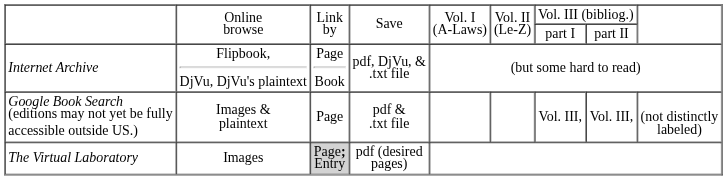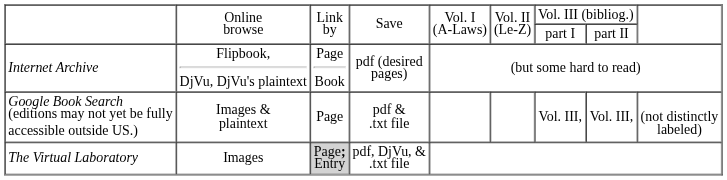 <table style="text-align: center; line-height:90%" border=1 cellspacing=0 cellpadding=3>
 <tr>
 <td align=left rowSpan=2> </td>
 <td rowSpan=2>Online<br>browse</td>
 <td rowSpan=2>Link<br>by</td>
 <td rowSpan=2>Save</td>
 <td rowSpan=2>Vol. I<br>(A-Laws)</td>
 <td rowSpan=2>Vol. II<br>(Le-Z)</td>
 <td colSpan=2>Vol. III (bibliog.)</td>
 <td rowSpan=2> </td>
 </tr>
 <tr>
 <td>part I</td>
 <td>part II</td>
 </tr>
 <tr>
 <td align=left><em>Internet Archive</em></td>
 <td>Flipbook, <hr>DjVu, DjVu's plaintext</td>
 <td>Page<hr>Book</td>
-<td>pdf, DjVu, &<br>.txt file</td>
+<td>pdf (desired<br>pages)</td>
 <td colSpan=5> (but some hard to read)</td>
 </tr>
 <tr>
 <td style="padding-bottom:0.3em" align=left><em>Google Book Search</em><br>(editions may not yet be fully<br>accessible outside US.<sup><strong><a href='#'></a></strong></sup>)</td>
 <td>Images &<br>plaintext</td>
 <td>Page</td>
 <td>pdf &<br>.txt file</td>
 <td></td>
 <td></td>
 <td>Vol. III,<br></td>
 <td>Vol. III,<br></td>
 <td><br>(not distinctly <br>labeled)</td>
 </tr>
 <tr>
 <td align=left><em>The Virtual Laboratory</em></td>
 <td>Images</td>
 <td style="background: lightgrey;">Page<strong>;</strong><br>Entry</td>
-<td>pdf (desired<br>pages)</td>
+<td>pdf, DjVu, &<br>.txt file</td>
 <td colSpan=5><br><div></div> <div></div></td>
 </tr>
 </table>
